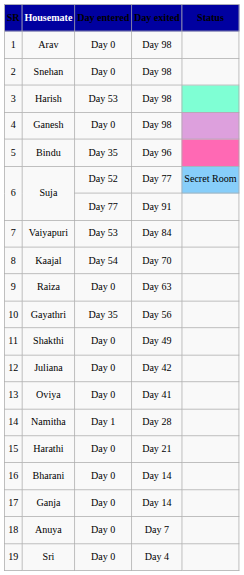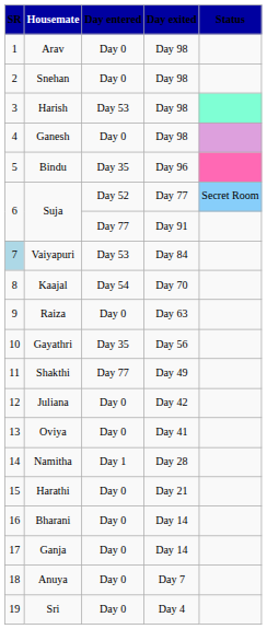 <table class="wikitable sortable" style=" text-align:center; font-size:85%;  line-height:30px; width:auto;">
 <tr>
 <th scope="col" style ="background:#0000A0;"style="background:#0000A0 ;color:white">SR</th>
 <th scope="col" style="background:#0000A0 ;color:white">Housemate</th>
 <th scope="col" style ="background:#0000A0;"style="background:#0000A0 ;color:white">Day entered</th>
 <th scope="col" style ="background:#0000A0;"style="background:#0000A0 ;color:white">Day exited</th>
 <th scope="col" style ="background:#0000A0;"style="background:#0000A0 ;color:white">Status</th>
 </tr>
 <tr>
 <td>1</td>
 <td>Arav</td>
 <td>Day 0</td>
 <td>Day 98</td>
 <td></td>
 </tr>
 <tr>
 <td>2</td>
 <td>Snehan</td>
 <td>Day 0</td>
 <td Day 98>Day 98</td>
 <td></td>
 </tr>
 <tr>
 <td>3</td>
 <td>Harish</td>
 <td>Day 53</td>
 <td>Day 98</td>
 <td style="background:#7FFFD4"></td>
 </tr>
 <tr>
 <td>4</td>
 <td>Ganesh</td>
 <td>Day 0</td>
 <td>Day 98</td>
 <td style="background:#DDA0DD;"></td>
 </tr>
 <tr>
 <td>5</td>
 <td>Bindu</td>
 <td>Day 35</td>
 <td>Day 96</td>
 <td style="background:#FF69B4;"></td>
 </tr>
 <tr>
 <td rowspan="2">6</td>
 <td rowspan="2">Suja</td>
 <td>Day 52</td>
 <td>Day 77</td>
 <td style="background:#87CEFA;">Secret Room</td>
 </tr>
 <tr>
 <td>Day 77</td>
 <td>Day 91</td>
 <td></td>
 </tr>
 <tr>
-<td>7</td>
+<td style="background: lightblue;">7</td>
 <td>Vaiyapuri</td>
 <td>Day 53</td>
 <td>Day 84</td>
 <td></td>
 </tr>
 <tr>
 <td>8</td>
 <td>Kaajal</td>
 <td>Day 54</td>
 <td>Day 70</td>
 <td></td>
 </tr>
 <tr>
 <td>9</td>
 <td>Raiza</td>
 <td>Day 0</td>
 <td>Day 63</td>
 <td></td>
 </tr>
 <tr>
 <td>10</td>
 <td>Gayathri</td>
 <td>Day 35</td>
 <td>Day 56</td>
 <td></td>
 </tr>
 <tr>
 <td>11</td>
 <td>Shakthi</td>
-<td>Day 0</td>
+<td>Day 77</td>
 <td>Day 49</td>
 <td></td>
 </tr>
 <tr>
 <td>12</td>
 <td>Juliana</td>
 <td>Day 0</td>
 <td>Day 42</td>
 <td></td>
 </tr>
 <tr>
 <td>13</td>
 <td>Oviya</td>
 <td>Day 0</td>
 <td>Day 41</td>
 <td></td>
 </tr>
 <tr>
 <td>14</td>
 <td>Namitha</td>
 <td>Day 1</td>
 <td>Day 28</td>
 <td></td>
 </tr>
 <tr>
 <td>15</td>
 <td>Harathi</td>
 <td>Day 0</td>
 <td>Day 21</td>
 <td></td>
 </tr>
 <tr>
 <td>16</td>
 <td>Bharani</td>
 <td>Day 0</td>
 <td>Day 14</td>
 <td></td>
 </tr>
 <tr>
 <td>17</td>
 <td>Ganja</td>
 <td>Day 0</td>
 <td>Day 14</td>
 <td></td>
 </tr>
 <tr>
 <td>18</td>
 <td>Anuya</td>
 <td>Day 0</td>
 <td>Day 7</td>
 <td></td>
 </tr>
 <tr>
 <td>19</td>
 <td>Sri</td>
 <td>Day 0</td>
 <td>Day 4</td>
 <td></td>
 </tr>
 </table>
